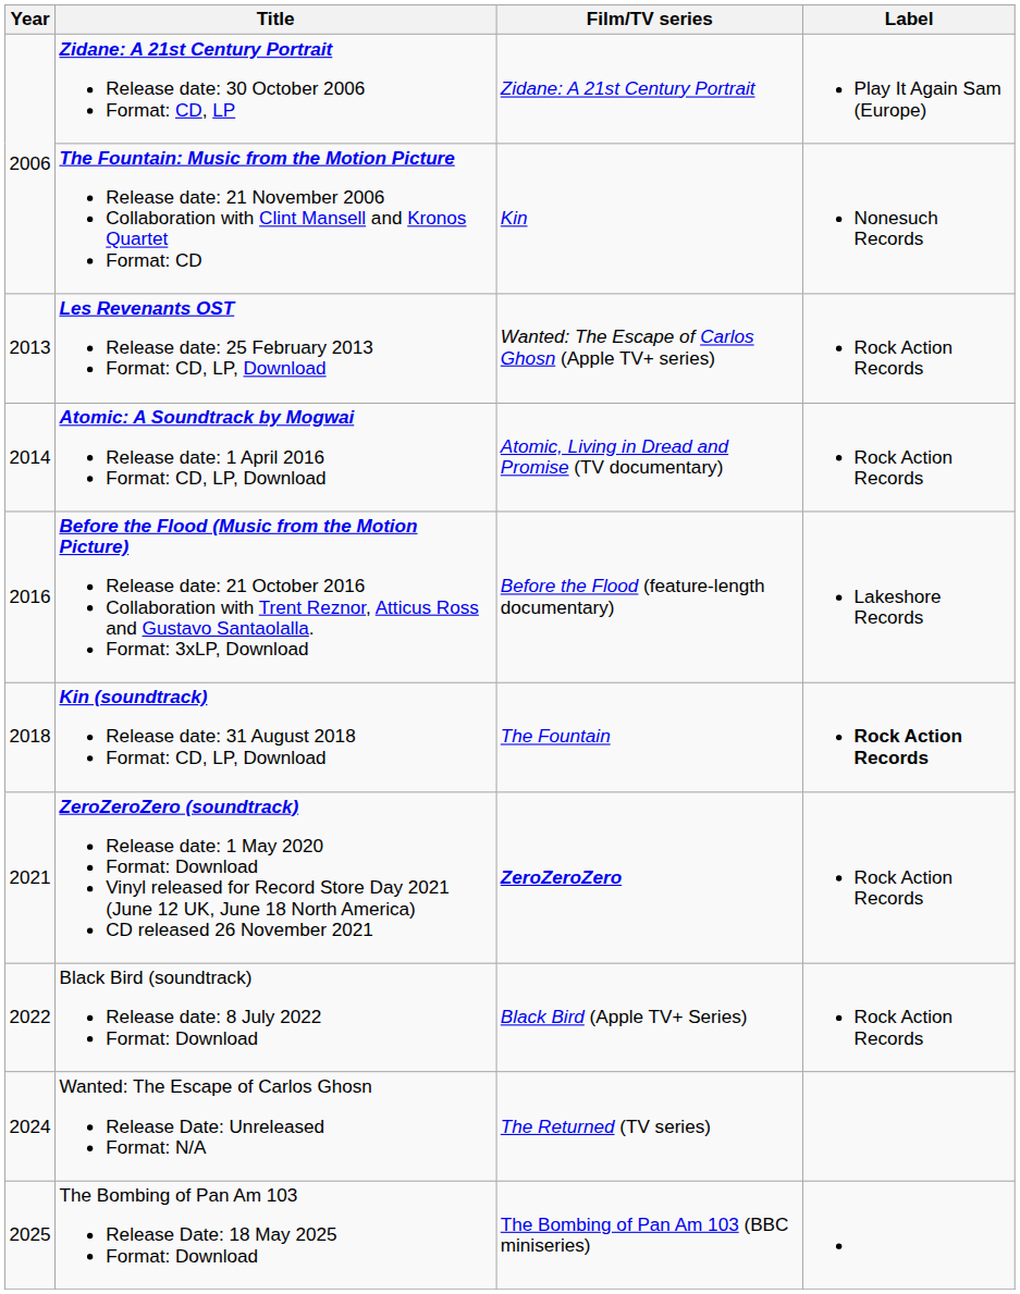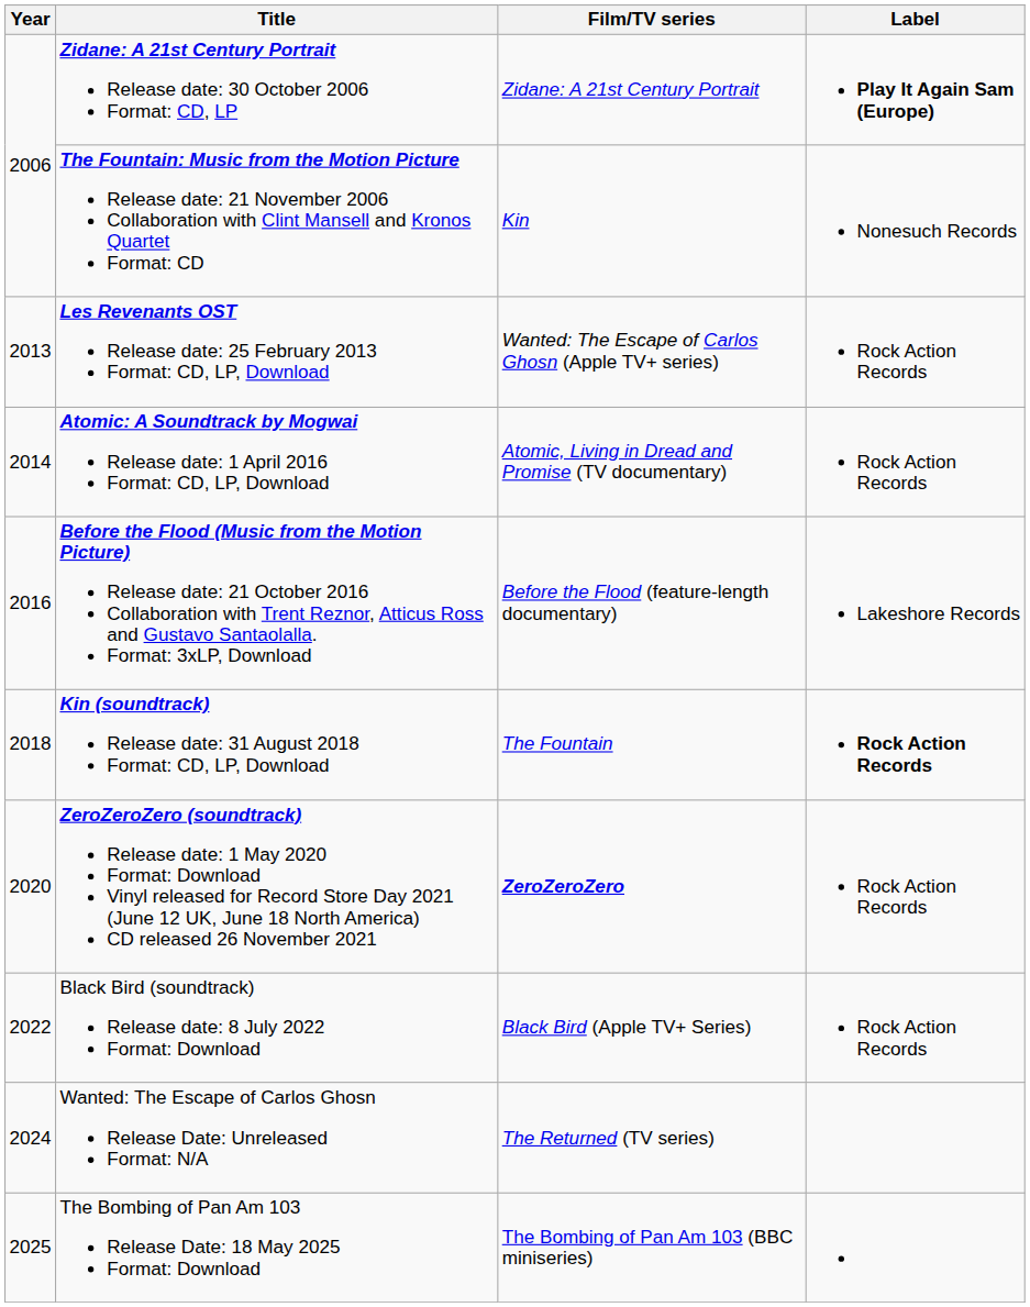 <table class="wikitable">
 <tr>
 <th>Year</th>
 <th>Title</th>
 <th>Film/TV series</th>
 <th>Label</th>
 </tr>
 <tr>
 <td rowspan="2">2006</td>
 <td><strong><em><a href='#'>Zidane: A 21st Century Portrait</a></em></strong><br><ul><li>Release date: 30 October 2006</li><li>Format: <a href='#'>CD</a>, <a href='#'>LP</a></li></ul></td>
 <td><em><a href='#'>Zidane: A 21st Century Portrait</a></em></td>
-<td><br><ul><li>Play It Again Sam (Europe)</li></ul></td>
+<td><strong><br><ul><li>Play It Again Sam (Europe)</li></ul></strong></td>
 </tr>
 <tr>
 <td><strong><em><a href='#'>The Fountain: Music from the Motion Picture</a></em></strong><br><ul><li>Release date: 21 November 2006</li><li>Collaboration with <a href='#'>Clint Mansell</a> and <a href='#'>Kronos Quartet</a></li><li>Format: CD</li></ul></td>
 <td><em><a href='#'>Kin</a></em></td>
 <td><br><ul><li>Nonesuch Records</li></ul></td>
 </tr>
 <tr>
 <td>2013</td>
 <td><strong><em><a href='#'>Les Revenants OST</a></em></strong><br><ul><li>Release date: 25 February 2013</li><li>Format: CD, LP, <a href='#'>Download</a></li></ul></td>
 <td><em>Wanted: The Escape of <a href='#'>Carlos Ghosn</a></em> (Apple TV+ series)</td>
 <td><br><ul><li>Rock Action Records</li></ul></td>
 </tr>
 <tr>
 <td>2014</td>
 <td><strong><em><a href='#'>Atomic: A Soundtrack by Mogwai</a></em></strong><br><ul><li>Release date: 1 April 2016</li><li>Format: CD, LP, Download</li></ul></td>
 <td><em><a href='#'>Atomic, Living in Dread and Promise</a></em> (TV documentary)</td>
 <td><br><ul><li>Rock Action Records</li></ul></td>
 </tr>
 <tr>
 <td>2016</td>
 <td><strong><em><a href='#'>Before the Flood (Music from the Motion Picture)</a></em></strong><br><ul><li>Release date: 21 October 2016</li><li>Collaboration with <a href='#'>Trent Reznor</a>, <a href='#'>Atticus Ross</a> and <a href='#'>Gustavo Santaolalla</a>.</li><li>Format: 3xLP, Download</li></ul></td>
 <td><em><a href='#'>Before the Flood</a></em> (feature-length documentary)</td>
 <td><br><ul><li>Lakeshore Records</li></ul></td>
 </tr>
 <tr>
 <td>2018</td>
 <td><strong><em><a href='#'>Kin (soundtrack)</a></em></strong><br><ul><li>Release date: 31 August 2018</li><li>Format: CD, LP, Download</li></ul></td>
 <td><em><a href='#'>The Fountain</a></em></td>
 <td><strong><br><ul><li>Rock Action Records</li></ul></strong></td>
 </tr>
 <tr>
-<td>2021</td>
+<td>2020</td>
 <td><strong><em><a href='#'>ZeroZeroZero (soundtrack)</a></em></strong><br><ul><li>Release date: 1 May 2020</li><li>Format: Download</li><li>Vinyl released for Record Store Day 2021 (June 12 UK, June 18 North America)</li><li>CD released 26 November 2021</li></ul></td>
 <td><strong><em><a href='#'>ZeroZeroZero</a></em></strong></td>
 <td><br><ul><li>Rock Action Records</li></ul></td>
 </tr>
 <tr>
 <td>2022</td>
 <td>Black Bird (soundtrack)<br><ul><li>Release date: 8 July 2022</li><li>Format: Download</li></ul></td>
 <td><a href='#'><em>Black Bird</em></a> (Apple TV+ Series)</td>
 <td><br><ul><li>Rock Action Records</li></ul></td>
 </tr>
 <tr>
 <td>2024</td>
 <td>Wanted: The Escape of Carlos Ghosn<br><ul><li>Release Date: Unreleased</li><li>Format: N/A</li></ul></td>
 <td><em><a href='#'>The Returned</a></em> (TV series)</td>
 <td></td>
 </tr>
 <tr>
 <td>2025</td>
 <td>The Bombing of Pan Am 103<br><ul><li>Release Date: 18 May 2025</li><li>Format: Download</li></ul></td>
 <td><a href='#'>The Bombing of Pan Am 103</a> (BBC miniseries)</td>
 <td><br><ul><li></li></ul></td>
 </tr>
 </table>
